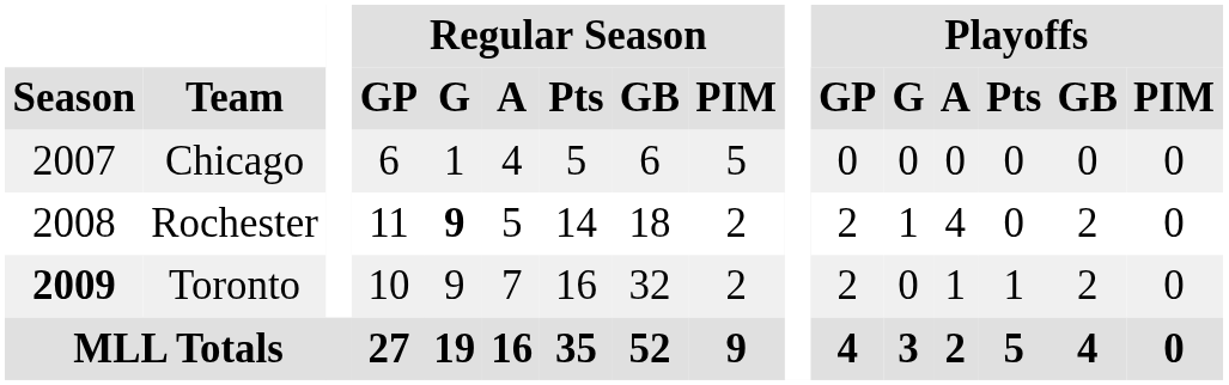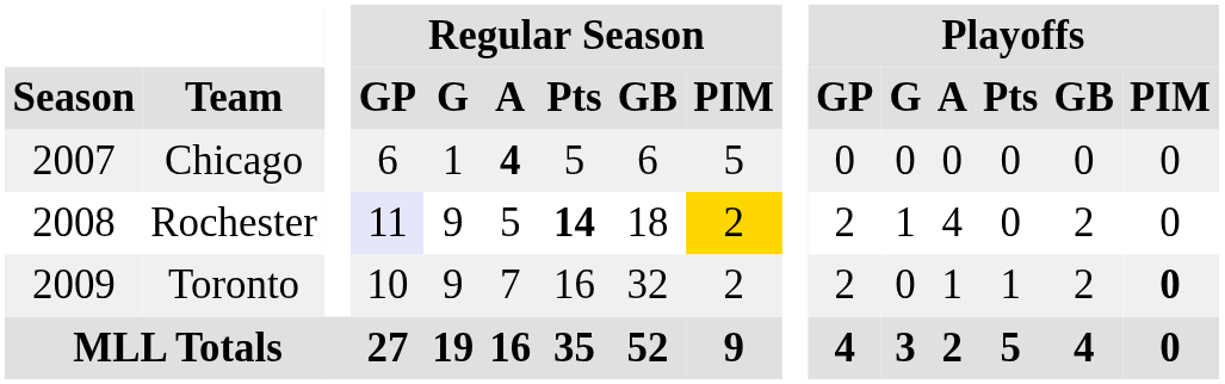 <table BORDER="0" CELLPADDING="3" CELLSPACING="0">
 <tr ALIGN="center" bgcolor="#e0e0e0">
 <th colspan="2" bgcolor="#ffffff"> </th>
 <th rowspan="99" bgcolor="#ffffff"> </th>
 <th colspan="6">Regular Season</th>
 <th rowspan="99" bgcolor="#ffffff"> </th>
 <th colspan="6">Playoffs</th>
 </tr>
 <tr ALIGN="center" bgcolor="#e0e0e0">
 <th ALIGN="center">Season</th>
 <th ALIGN="center">Team</th>
 <th ALIGN="center">GP</th>
 <th ALIGN="center">G</th>
 <th ALIGN="center">A</th>
 <th ALIGN="center">Pts</th>
 <th ALIGN="center">GB</th>
 <th ALIGN="center">PIM</th>
 <th ALIGN="center">GP</th>
 <th ALIGN="center">G</th>
 <th ALIGN="center">A</th>
 <th ALIGN="center">Pts</th>
 <th ALIGN="center">GB</th>
 <th ALIGN="center">PIM</th>
 </tr>
 <tr ALIGN="center" bgcolor="#f0f0f0">
 <td ALIGN="center">2007</td>
 <td ALIGN="center">Chicago</td>
 <td ALIGN="center">6</td>
 <td ALIGN="center">1</td>
-<td ALIGN="center">4</td>
+<td ALIGN="center"><strong>4</strong></td>
 <td ALIGN="center">5</td>
 <td ALIGN="center">6</td>
 <td ALIGN="center">5</td>
 <td ALIGN="center">0</td>
 <td ALIGN="center">0</td>
 <td ALIGN="center">0</td>
 <td ALIGN="center">0</td>
 <td ALIGN="center">0</td>
 <td ALIGN="center">0</td>
 </tr>
 <tr ALIGN="center">
 <td ALIGN="center">2008</td>
 <td ALIGN="center">Rochester</td>
-<td ALIGN="center">11</td>
-<td ALIGN="center"><strong>9</strong></td>
+<td ALIGN="center" style="background: lavender;">11</td>
+<td ALIGN="center">9</td>
 <td ALIGN="center">5</td>
-<td ALIGN="center">14</td>
+<td ALIGN="center"><strong>14</strong></td>
 <td ALIGN="center">18</td>
-<td ALIGN="center">2</td>
+<td ALIGN="center" style="background: gold;">2</td>
 <td ALIGN="center">2</td>
 <td ALIGN="center">1</td>
 <td ALIGN="center">4</td>
 <td ALIGN="center">0</td>
 <td ALIGN="center">2</td>
 <td ALIGN="center">0</td>
 </tr>
 <tr ALIGN="center" bgcolor="#f0f0f0">
-<td ALIGN="center"><strong>2009</strong></td>
+<td ALIGN="center">2009</td>
 <td ALIGN="center">Toronto</td>
 <td ALIGN="center">10</td>
 <td ALIGN="center">9</td>
 <td ALIGN="center">7</td>
 <td ALIGN="center">16</td>
 <td ALIGN="center">32</td>
 <td ALIGN="center">2</td>
 <td ALIGN="center">2</td>
 <td ALIGN="center">0</td>
 <td ALIGN="center">1</td>
 <td ALIGN="center">1</td>
 <td ALIGN="center">2</td>
-<td ALIGN="center">0</td>
+<td ALIGN="center"><strong>0</strong></td>
 </tr>
 <tr ALIGN="center" bgcolor="#e0e0e0">
 <th colspan="3">MLL Totals</th>
 <th ALIGN="center">27</th>
 <th ALIGN="center">19</th>
 <th ALIGN="center">16</th>
 <th ALIGN="center">35</th>
 <th ALIGN="center">52</th>
 <th ALIGN="center">9</th>
 <th ALIGN="center">4</th>
 <th ALIGN="center">3</th>
 <th ALIGN="center">2</th>
 <th ALIGN="center">5</th>
 <th ALIGN="center">4</th>
 <th ALIGN="center">0</th>
 </tr>
 </table>
